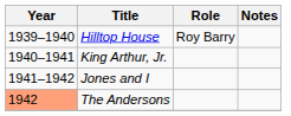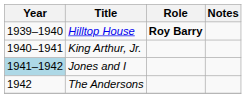 <table class="wikitable">
 <tr>
 <th>Year</th>
 <th>Title</th>
 <th>Role</th>
 <th>Notes</th>
 </tr>
 <tr>
 <td>1939–1940</td>
 <td><em><a href='#'>Hilltop House</a></em></td>
-<td>Roy Barry</td>
+<td><strong>Roy Barry</strong></td>
 <td></td>
 </tr>
 <tr>
 <td>1940–1941</td>
 <td><em>King Arthur, Jr.</em></td>
 <td></td>
 <td></td>
 </tr>
 <tr>
-<td>1941–1942</td>
+<td style="background: lightblue;">1941–1942</td>
 <td><em>Jones and I</em></td>
 <td></td>
 <td></td>
 </tr>
 <tr>
-<td style="background: lightsalmon;">1942</td>
+<td>1942</td>
 <td><em>The Andersons</em></td>
 <td></td>
 <td></td>
 </tr>
 <tr>
 </tr>
 </table>
